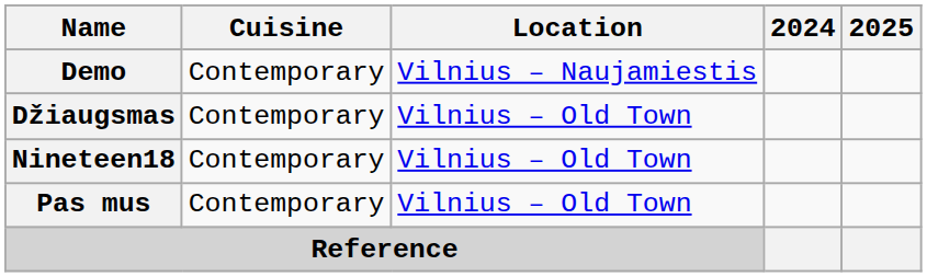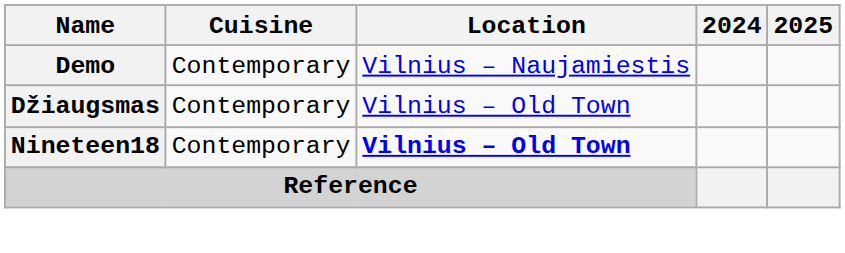 <table class="wikitable sortable plainrowheaders" style="text-align:left;"">
 <tr>
 <th scope="col">Name</th>
 <th scope="col">Cuisine</th>
 <th scope="col">Location</th>
 <th scope="col">2024</th>
 <th scope="col">2025</th>
 </tr>
 <tr>
 <th scope="row">Demo</th>
 <td>Contemporary</td>
 <td><a href='#'>Vilnius – Naujamiestis</a></td>
 <td></td>
 <td></td>
 </tr>
 <tr>
 <th scope="row">Džiaugsmas</th>
 <td>Contemporary</td>
 <td><a href='#'>Vilnius – Old Town</a></td>
 <td></td>
 <td></td>
 </tr>
 <tr>
 <th scope="row">Nineteen18</th>
 <td>Contemporary</td>
-<td><a href='#'>Vilnius – Old Town</a></td>
-<td></td>
-<td></td>
-</tr>
-<tr>
-<th scope="row">Pas mus</th>
-<td>Contemporary</td>
-<td><a href='#'>Vilnius – Old Town</a></td>
+<td><strong><a href='#'>Vilnius – Old Town</a></strong></td>
 <td></td>
 <td></td>
 </tr>
 <tr>
 <th colspan="3" style="text-align: center;background: lightgray;">Reference</th>
 <th></th>
 <th></th>
 </tr>
 </table>
